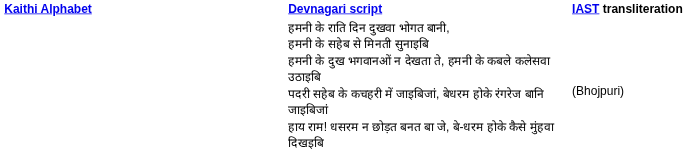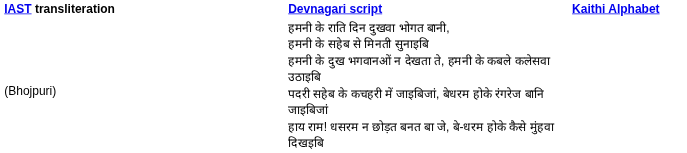 <table style="width: 90%;">
 <tr style="text-align: left;">
+<th style="width: 30%;"><a href='#'>IAST</a> transliteration</th>
+<th style="width: 30%;"><a href='#'>Devnagari script</a></th>
 <th style="width: 30%;"><a href='#'>Kaithi Alphabet</a></th>
-<th style="width: 30%;"><a href='#'>Devnagari script</a></th>
-<th style="width: 30%;"><a href='#'>IAST</a> transliteration</th>
 </tr>
 <tr>
+<td><br> (Bhojpuri)</td>
+<td>हमनी के राति दिन दुखवा भोगत बानी,<br>हमनी के सहेब से मिनती सुनाइबि<br>हमनी के दुख भगवानओं न देखता ते, हमनी के कबले कलेसवा उठाइबि<br>पदरी सहेब के कचहरी में जाइबिजां, बेधरम होके रंगरेज बानि जाइबिजां<br>हाय राम! धसरम न छोड़त बनत बा जे, बे-धरम होके कैसे मुंहवा दिखइबि</td>
 <td></td>
-<td>हमनी के राति दिन दुखवा भोगत बानी,<br>हमनी के सहेब से मिनती सुनाइबि<br>हमनी के दुख भगवानओं न देखता ते, हमनी के कबले कलेसवा उठाइबि<br>पदरी सहेब के कचहरी में जाइबिजां, बेधरम होके रंगरेज बानि जाइबिजां<br>हाय राम! धसरम न छोड़त बनत बा जे, बे-धरम होके कैसे मुंहवा दिखइबि</td>
-<td><br> (Bhojpuri)</td>
 </tr>
 </table>
